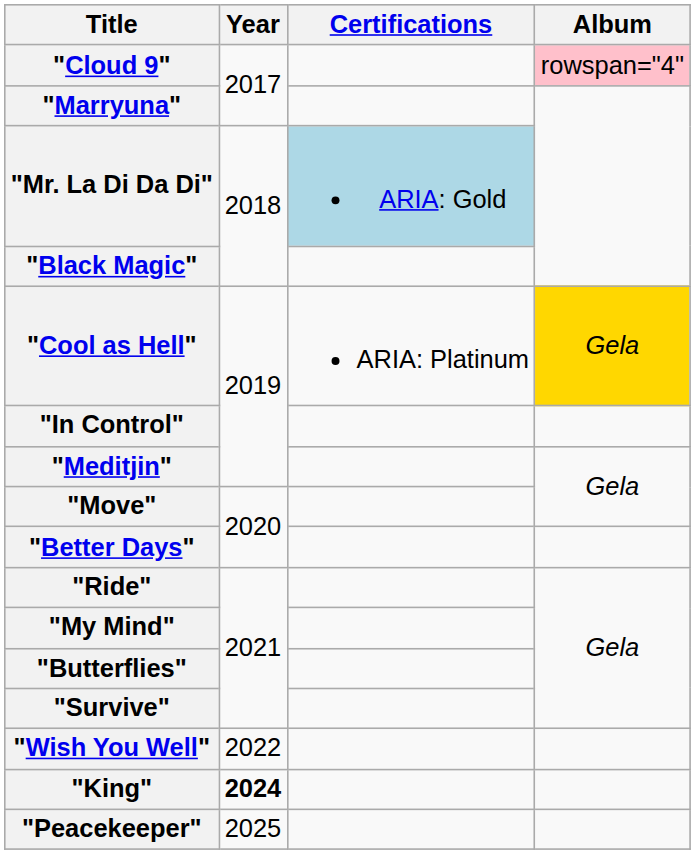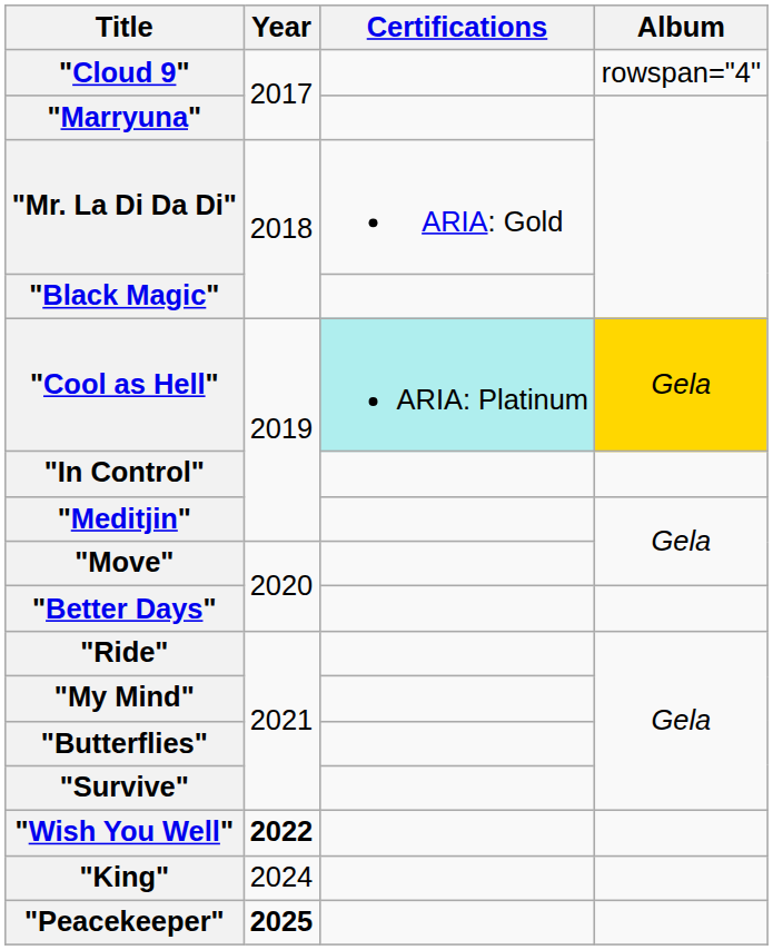 <table class="wikitable plainrowheaders" style="text-align:center;">
 <tr>
 <th scope="col">Title</th>
 <th scope="col">Year</th>
 <th scope="col"><a href='#'>Certifications</a></th>
 <th scope="col">Album</th>
 </tr>
 <tr>
 <th scope="row">"<a href='#'>Cloud 9</a>"<br></th>
 <td rowspan="2">2017</td>
 <td></td>
-<td style="background: pink;">rowspan="4" </td>
+<td>rowspan="4" </td>
 </tr>
 <tr>
 <th scope="row">"<a href='#'>Marryuna</a>"<br></th>
 <td></td>
 </tr>
 <tr>
 <th scope="row">"Mr. La Di Da Di"</th>
 <td rowspan="2">2018</td>
-<td style="background: lightblue;"><br><ul><li><a href='#'>ARIA</a>: Gold</li></ul></td>
+<td><br><ul><li><a href='#'>ARIA</a>: Gold</li></ul></td>
 </tr>
 <tr>
 <th scope="row">"<a href='#'>Black Magic</a>"<br></th>
 <td></td>
 </tr>
 <tr>
 <th scope="row">"<a href='#'>Cool as Hell</a>"</th>
 <td rowspan="3">2019</td>
-<td><br><ul><li>ARIA: Platinum</li></ul></td>
+<td style="background: paleturquoise;"><br><ul><li>ARIA: Platinum</li></ul></td>
 <td style="background: gold;"><em>Gela</em></td>
 </tr>
 <tr>
 <th scope="row">"In Control"</th>
 <td></td>
 <td></td>
 </tr>
 <tr>
 <th scope="row">"<a href='#'>Meditjin</a>"<br></th>
 <td></td>
 <td rowspan="2"><em>Gela</em></td>
 </tr>
 <tr>
 <th scope="row">"Move"</th>
 <td rowspan="2">2020</td>
 <td></td>
 </tr>
 <tr>
 <th scope="row">"<a href='#'>Better Days</a>"<br></th>
 <td></td>
 <td></td>
 </tr>
 <tr>
 <th scope="row">"Ride"<br></th>
 <td rowspan="4">2021</td>
 <td></td>
 <td rowspan="4"><em>Gela</em></td>
 </tr>
 <tr>
 <th scope="row">"My Mind"<br></th>
 <td></td>
 </tr>
 <tr>
 <th scope="row">"Butterflies"</th>
 <td></td>
 </tr>
 <tr>
 <th scope="row">"Survive"<br></th>
 <td></td>
 </tr>
 <tr>
 <th scope="row">"<a href='#'>Wish You Well</a>"<br></th>
-<td>2022</td>
+<td><strong>2022</strong></td>
 <td></td>
 <td></td>
 </tr>
 <tr>
 <th scope="row">"King"</th>
-<td><strong>2024</strong></td>
+<td>2024</td>
 <td></td>
 <td></td>
 </tr>
 <tr>
 <th scope="row">"Peacekeeper"</th>
-<td>2025</td>
+<td><strong>2025</strong></td>
 <td></td>
 <td></td>
 </tr>
 </table>
